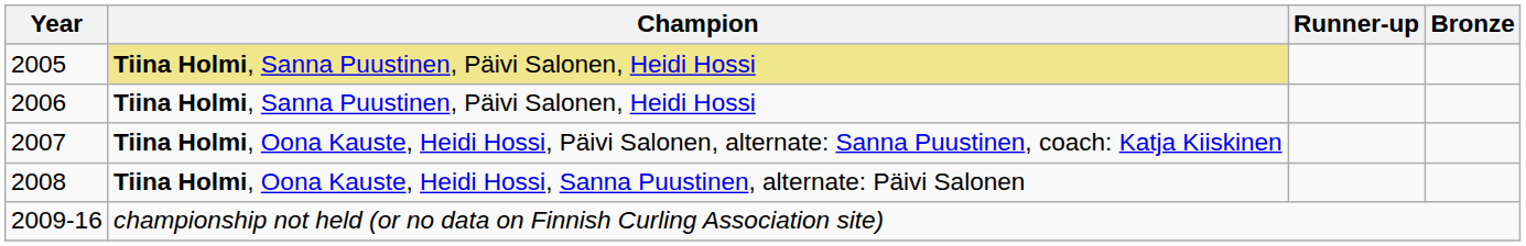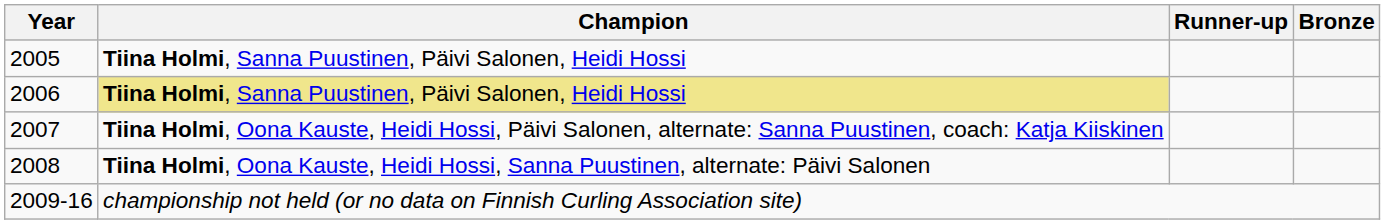 <table class="wikitable" border="1">
 <tr>
 <th>Year</th>
 <th>Champion</th>
 <th>Runner-up</th>
 <th>Bronze</th>
 </tr>
 <tr valign="top">
 <td>2005</td>
-<td style="background: khaki;"><strong>Tiina Holmi</strong>, <a href='#'>Sanna Puustinen</a>, Päivi Salonen, <a href='#'>Heidi Hossi</a></td>
+<td><strong>Tiina Holmi</strong>, <a href='#'>Sanna Puustinen</a>, Päivi Salonen, <a href='#'>Heidi Hossi</a></td>
 <td></td>
 <td></td>
 </tr>
 <tr valign="top">
 <td>2006</td>
-<td><strong>Tiina Holmi</strong>, <a href='#'>Sanna Puustinen</a>, Päivi Salonen, <a href='#'>Heidi Hossi</a></td>
+<td style="background: khaki;"><strong>Tiina Holmi</strong>, <a href='#'>Sanna Puustinen</a>, Päivi Salonen, <a href='#'>Heidi Hossi</a></td>
 <td></td>
 <td></td>
 </tr>
 <tr valign="top">
 <td>2007</td>
 <td><strong>Tiina Holmi</strong>, <a href='#'>Oona Kauste</a>, <a href='#'>Heidi Hossi</a>, Päivi Salonen, alternate: <a href='#'>Sanna Puustinen</a>, coach: <a href='#'>Katja Kiiskinen</a></td>
 <td></td>
 <td></td>
 </tr>
 <tr valign="top">
 <td>2008</td>
 <td><strong>Tiina Holmi</strong>, <a href='#'>Oona Kauste</a>, <a href='#'>Heidi Hossi</a>, <a href='#'>Sanna Puustinen</a>, alternate: Päivi Salonen</td>
 <td></td>
 <td></td>
 </tr>
 <tr valign="top">
 <td>2009-16</td>
 <td colspan=3><em>championship not held (or no data on Finnish Curling Association site)</em></td>
 </tr>
 </table>
